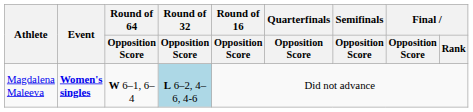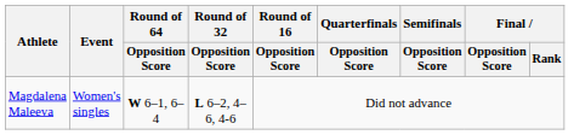 <table class=wikitable style="font-size:90%">
 <tr>
 <th rowspan="2">Athlete</th>
 <th rowspan="2">Event</th>
 <th>Round of 64</th>
 <th>Round of 32</th>
 <th>Round of 16</th>
 <th>Quarterfinals</th>
 <th>Semifinals</th>
 <th colspan=2>Final / </th>
 </tr>
 <tr style="font-size:95%">
 <th>Opposition<br>Score</th>
 <th>Opposition<br>Score</th>
 <th>Opposition<br>Score</th>
 <th>Opposition<br>Score</th>
 <th>Opposition<br>Score</th>
 <th>Opposition<br>Score</th>
 <th>Rank</th>
 </tr>
 <tr align=center>
 <td align=left><a href='#'>Magdalena Maleeva</a></td>
-<td align=left><strong><a href='#'>Women's singles</a></strong></td>
+<td align=left><a href='#'>Women's singles</a></td>
 <td><br><strong>W</strong> 6–1, 6–4</td>
-<td style="background: lightblue;"><br><strong>L</strong> 6–2, 4–6, 4-6</td>
+<td><br><strong>L</strong> 6–2, 4–6, 4-6</td>
 <td colspan=5>Did not advance</td>
 </tr>
 </table>
